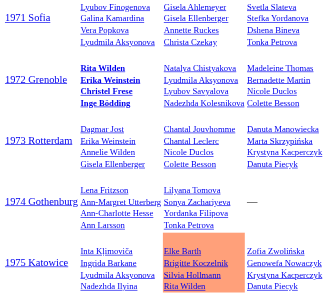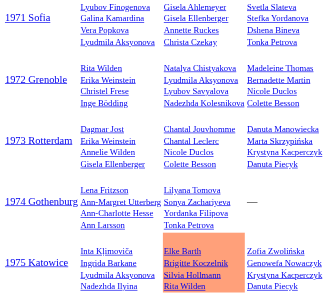 <table>
 <tr>
 <td><a href='#'>1971 Sofia</a><br></td>
 <td><br><small><a href='#'>Lyubov Finogenova</a><br><a href='#'>Galina Kamardina</a><br><a href='#'>Vera Popkova</a><br><a href='#'>Lyudmila Aksyonova</a></small></td>
 <td><br><small><a href='#'>Gisela Ahlemeyer</a><br><a href='#'>Gisela Ellenberger</a><br><a href='#'>Annette Ruckes</a><br><a href='#'>Christa Czekay</a></small></td>
 <td><br><small><a href='#'>Svetla Slateva</a><br><a href='#'>Stefka Yordanova</a><br><a href='#'>Dshena Bineva</a><br><a href='#'>Tonka Petrova</a></small></td>
 </tr>
 <tr>
 <td><a href='#'>1972 Grenoble</a><br></td>
-<td><strong><br><small><a href='#'>Rita Wilden</a><br><a href='#'>Erika Weinstein</a><br><a href='#'>Christel Frese</a><br><a href='#'>Inge Bödding</a></small></strong></td>
+<td><br><small><a href='#'>Rita Wilden</a><br><a href='#'>Erika Weinstein</a><br><a href='#'>Christel Frese</a><br><a href='#'>Inge Bödding</a></small></td>
 <td><br><small><a href='#'>Natalya Chistyakova</a><br><a href='#'>Lyudmila Aksyonova</a><br><a href='#'>Lyubov Savyalova</a><br><a href='#'>Nadezhda Kolesnikova</a></small></td>
 <td><br><small><a href='#'>Madeleine Thomas</a><br><a href='#'>Bernadette Martin</a><br><a href='#'>Nicole Duclos</a><br><a href='#'>Colette Besson</a></small></td>
 </tr>
 <tr>
 <td><a href='#'>1973 Rotterdam</a><br></td>
 <td><br><small><a href='#'>Dagmar Jost</a><br><a href='#'>Erika Weinstein</a><br><a href='#'>Annelie Wilden</a><br><a href='#'>Gisela Ellenberger</a></small></td>
 <td><br><small><a href='#'>Chantal Jouvhomme</a><br><a href='#'>Chantal Leclerc</a><br><a href='#'>Nicole Duclos</a><br><a href='#'>Colette Besson</a></small></td>
 <td><br><small><a href='#'>Danuta Manowiecka</a><br><a href='#'>Marta Skrzypińska</a><br><a href='#'>Krystyna Kacperczyk</a><br><a href='#'>Danuta Piecyk</a></small></td>
 </tr>
 <tr>
 <td><a href='#'>1974 Gothenburg</a><br></td>
 <td><br><small><a href='#'>Lena Fritzson</a><br><a href='#'>Ann-Margret Utterberg</a><br><a href='#'>Ann-Charlotte Hesse</a><br><a href='#'>Ann Larsson</a></small></td>
 <td><br><small><a href='#'>Lilyana Tomova</a><br><a href='#'>Sonya Zachariyeva</a><br><a href='#'>Yordanka Filipova</a><br><a href='#'>Tonka Petrova</a></small></td>
 <td>—</td>
 </tr>
 <tr>
 <td><a href='#'>1975 Katowice</a><br></td>
 <td><br><small><a href='#'>Inta Kļimoviča</a><br><a href='#'>Ingrida Barkane</a><br><a href='#'>Lyudmila Aksyonova</a><br><a href='#'>Nadezhda Ilyina</a></small></td>
 <td style="background: lightsalmon;"><br><small><a href='#'>Elke Barth</a><br><a href='#'>Brigitte Koczelnik</a><br><a href='#'>Silvia Hollmann</a><br><a href='#'>Rita Wilden</a></small></td>
 <td><br><small><a href='#'>Zofia Zwolińska</a><br><a href='#'>Genowefa Nowaczyk</a><br><a href='#'>Krystyna Kacperczyk</a><br><a href='#'>Danuta Piecyk</a></small></td>
 </tr>
 <tr>
 </tr>
 </table>
